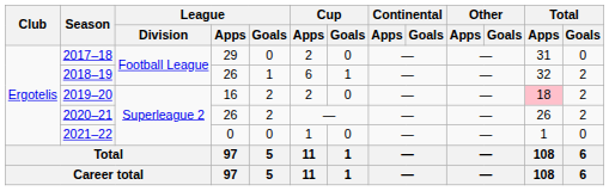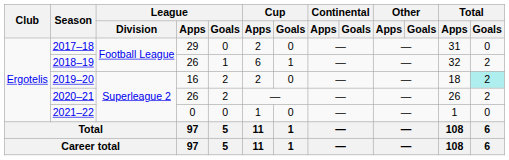 <table class="wikitable" style="text-align: center;">
 <tr>
 <th rowspan="2">Club</th>
 <th rowspan="2">Season</th>
 <th colspan="3">League</th>
 <th colspan="2">Cup</th>
 <th colspan="2">Continental</th>
 <th colspan="2">Other</th>
 <th colspan="2">Total</th>
 </tr>
 <tr>
 <th>Division</th>
 <th>Apps</th>
 <th>Goals</th>
 <th>Apps</th>
 <th>Goals</th>
 <th>Apps</th>
 <th>Goals</th>
 <th>Apps</th>
 <th>Goals</th>
 <th>Apps</th>
 <th>Goals</th>
 </tr>
 <tr>
 <td rowspan="5"><a href='#'>Ergotelis</a></td>
 <td><a href='#'>2017–18</a></td>
 <td rowspan="2"><a href='#'>Football League</a></td>
 <td>29</td>
 <td>0</td>
 <td>2</td>
 <td>0</td>
 <td colspan=2>—</td>
 <td colspan=2>—</td>
 <td>31</td>
 <td>0</td>
 </tr>
 <tr>
 <td><a href='#'>2018–19</a></td>
 <td>26</td>
 <td>1</td>
 <td>6</td>
 <td>1</td>
 <td colspan=2>—</td>
 <td colspan=2>—</td>
 <td>32</td>
 <td>2</td>
 </tr>
 <tr>
 <td><a href='#'>2019–20</a></td>
 <td rowspan="3"><a href='#'>Superleague 2</a></td>
 <td>16</td>
 <td>2</td>
 <td>2</td>
 <td>0</td>
 <td colspan=2>—</td>
 <td colspan=2>—</td>
-<td style="background: pink;">18</td>
-<td>2</td>
+<td>18</td>
+<td style="background: paleturquoise;">2</td>
 </tr>
 <tr>
 <td><a href='#'>2020–21</a></td>
 <td>26</td>
 <td>2</td>
 <td colspan=2>—</td>
 <td colspan=2>—</td>
 <td colspan=2>—</td>
 <td>26</td>
 <td>2</td>
 </tr>
 <tr>
 <td><a href='#'>2021–22</a></td>
 <td>0</td>
 <td>0</td>
 <td>1</td>
 <td>0</td>
 <td colspan=2>—</td>
 <td colspan=2>—</td>
 <td>1</td>
 <td>0</td>
 </tr>
 <tr>
 <th colspan="3">Total</th>
 <th>97</th>
 <th>5</th>
 <th>11</th>
 <th>1</th>
 <th colspan=2>—</th>
 <th colspan=2>—</th>
 <th>108</th>
 <th>6</th>
 </tr>
 <tr>
 <th colspan="3">Career total</th>
 <th>97</th>
 <th>5</th>
 <th>11</th>
 <th>1</th>
 <th colspan=2>—</th>
 <th colspan=2>—</th>
 <th>108</th>
 <th>6</th>
 </tr>
 </table>
